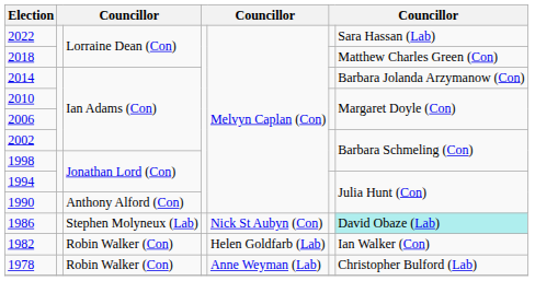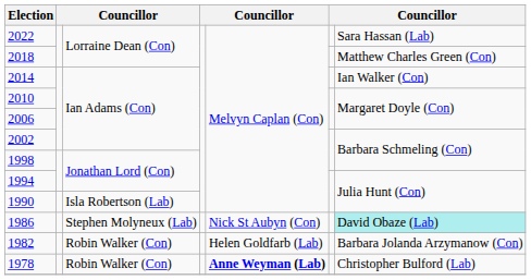 <table class="wikitable">
 <tr>
 <th>Election</th>
 <th colspan="2">Councillor</th>
 <th colspan="2">Councillor</th>
 <th colspan="2">Councillor</th>
 </tr>
 <tr>
 <td><a href='#'>2022</a></td>
 <td rowspan=2; style="background-color: "></td>
 <td rowspan=2>Lorraine Dean (<a href='#'>Con</a>)</td>
 <td rowspan=9; style="background-color: "></td>
 <td rowspan=9><a href='#'>Melvyn Caplan</a> (<a href='#'>Con</a>)</td>
 <td style="background-color: "></td>
 <td>Sara Hassan (<a href='#'>Lab</a>)</td>
 </tr>
 <tr>
 <td><a href='#'>2018</a></td>
 <td style="background-color: "></td>
 <td>Matthew Charles Green (<a href='#'>Con</a>)</td>
 </tr>
 <tr>
 <td><a href='#'>2014</a></td>
 <td rowspan=4; style="background-color: "></td>
 <td rowspan=4>Ian Adams (<a href='#'>Con</a>)</td>
 <td style="background-color: "></td>
-<td>Barbara Jolanda Arzymanow (<a href='#'>Con</a>)</td>
+<td>Ian Walker (<a href='#'>Con</a>)</td>
 </tr>
 <tr>
 <td><a href='#'>2010</a></td>
 <td rowspan=2; style="background-color: "></td>
 <td rowspan=2>Margaret Doyle (<a href='#'>Con</a>)</td>
 </tr>
 <tr>
 <td><a href='#'>2006</a></td>
 </tr>
 <tr>
 <td><a href='#'>2002</a></td>
 <td rowspan=2; style="background-color: "></td>
 <td rowspan=2>Barbara Schmeling (<a href='#'>Con</a>)</td>
 </tr>
 <tr>
 <td><a href='#'>1998</a></td>
 <td rowspan=2; style="background-color: "></td>
 <td rowspan=2><a href='#'>Jonathan Lord</a> (<a href='#'>Con</a>)</td>
 </tr>
 <tr>
 <td><a href='#'>1994</a></td>
 <td rowspan=2; style="background-color: "></td>
 <td rowspan=2>Julia Hunt (<a href='#'>Con</a>)</td>
 </tr>
 <tr>
 <td><a href='#'>1990</a></td>
 <td style="background-color: "></td>
-<td>Anthony Alford (<a href='#'>Con</a>)</td>
+<td>Isla Robertson (<a href='#'>Lab</a>)</td>
 </tr>
 <tr>
 <td><a href='#'>1986</a></td>
 <td style="background-color: "></td>
 <td>Stephen Molyneux (<a href='#'>Lab</a>)</td>
 <td style="background-color: "></td>
 <td><a href='#'>Nick St Aubyn</a> (<a href='#'>Con</a>)</td>
 <td style="background-color: "></td>
 <td style="background: paleturquoise;">David Obaze (<a href='#'>Lab</a>)</td>
 </tr>
 <tr>
 <td><a href='#'>1982</a></td>
 <td style="background-color: "></td>
 <td>Robin Walker (<a href='#'>Con</a>)</td>
 <td style="background-color: "></td>
 <td>Helen Goldfarb (<a href='#'>Lab</a>)</td>
 <td style="background-color: "></td>
-<td>Ian Walker (<a href='#'>Con</a>)</td>
+<td>Barbara Jolanda Arzymanow (<a href='#'>Con</a>)</td>
 </tr>
 <tr>
 <td><a href='#'>1978</a></td>
 <td style="background-color: "></td>
 <td>Robin Walker (<a href='#'>Con</a>)</td>
 <td style="background-color: "></td>
-<td><a href='#'>Anne Weyman</a> (<a href='#'>Lab</a>)</td>
+<td><strong><a href='#'>Anne Weyman</a> (<a href='#'>Lab</a>)</strong></td>
 <td style="background-color: "></td>
 <td>Christopher Bulford (<a href='#'>Lab</a>)</td>
 </tr>
 <tr>
 </tr>
 </table>
